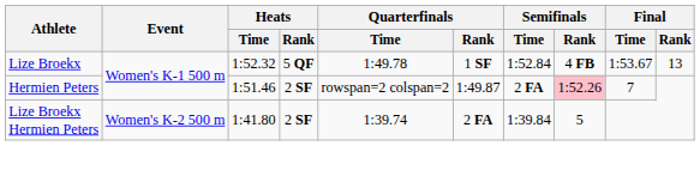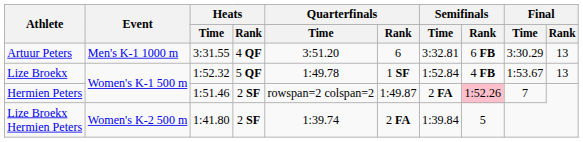 <table class=wikitable style="font-size:90%">
 <tr>
 <th rowspan="2">Athlete</th>
 <th rowspan="2">Event</th>
 <th colspan=2>Heats</th>
 <th colspan=2>Quarterfinals</th>
 <th colspan=2>Semifinals</th>
 <th colspan=2>Final</th>
 </tr>
 <tr style="font-size:95%">
 <th>Time</th>
 <th>Rank</th>
 <th>Time</th>
 <th>Rank</th>
 <th>Time</th>
 <th>Rank</th>
 <th>Time</th>
 <th>Rank</th>
+</tr>
+<tr align=center>
+<td align=left><a href='#'>Artuur Peters</a></td>
+<td align=left><a href='#'>Men's K-1 1000 m</a></td>
+<td>3:31.55</td>
+<td>4 <strong>QF</strong></td>
+<td>3:51.20</td>
+<td>6</td>
+<td>3:32.81</td>
+<td>6 <strong>FB</strong></td>
+<td>3:30.29</td>
+<td>13</td>
 </tr>
 <tr align=center>
 <td align=left><a href='#'>Lize Broekx</a></td>
 <td align=left rowspan=2><a href='#'>Women's K-1 500 m</a></td>
 <td>1:52.32</td>
 <td>5 <strong>QF</strong></td>
 <td>1:49.78</td>
 <td>1  <strong>SF</strong></td>
 <td>1:52.84</td>
 <td>4 <strong>FB</strong></td>
 <td>1:53.67</td>
 <td>13</td>
 </tr>
 <tr align=center>
 <td align=left><a href='#'>Hermien Peters</a></td>
 <td>1:51.46</td>
 <td>2 <strong>SF</strong></td>
 <td>rowspan=2 colspan=2 </td>
 <td>1:49.87</td>
 <td>2 <strong>FA</strong></td>
 <td style="background: pink;">1:52.26</td>
 <td>7</td>
 </tr>
 <tr align=center>
 <td align=left><a href='#'>Lize Broekx</a><br><a href='#'>Hermien Peters</a></td>
 <td align=left><a href='#'>Women's K-2 500 m</a></td>
 <td>1:41.80</td>
 <td>2 <strong>SF</strong></td>
 <td>1:39.74</td>
 <td>2 <strong>FA</strong></td>
 <td>1:39.84</td>
 <td>5</td>
 </tr>
 </table>
